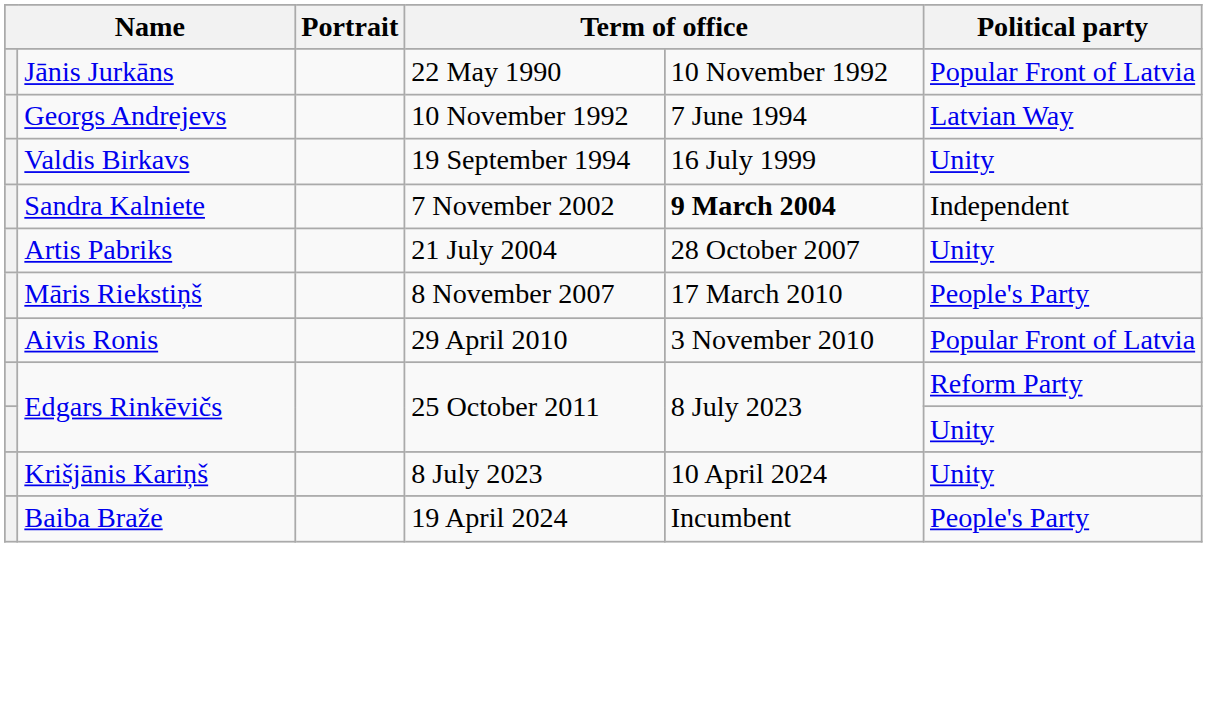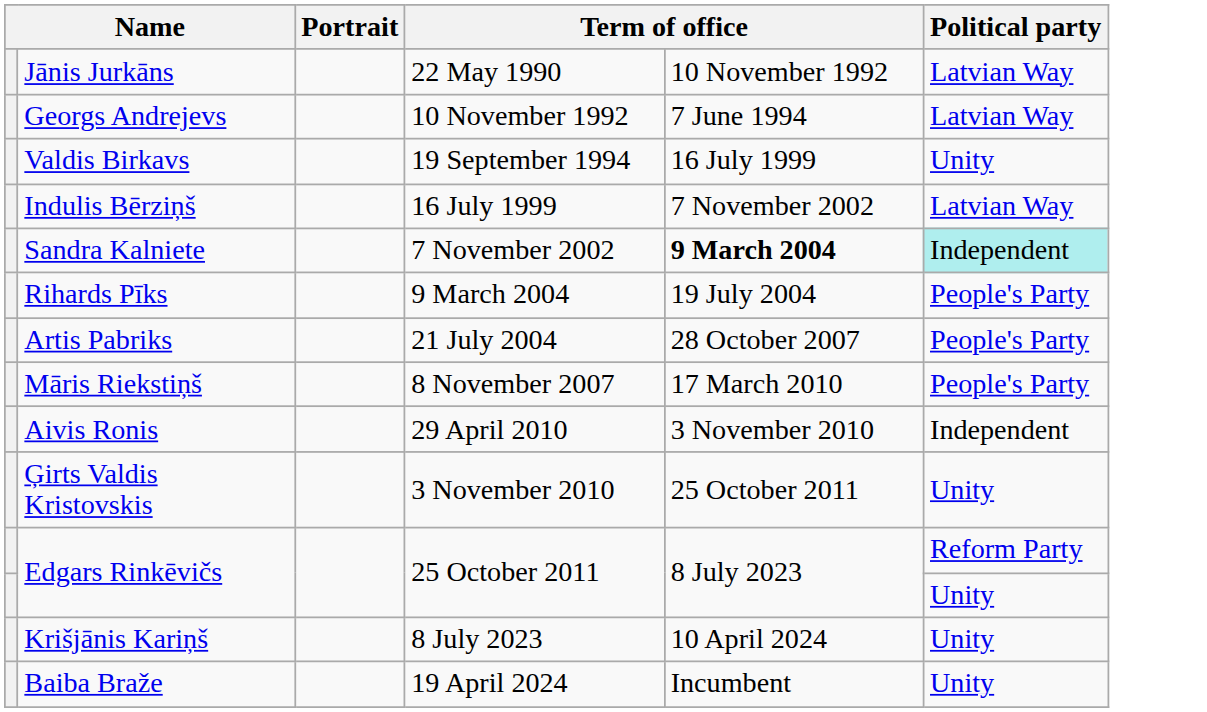 <table class="wikitable">
 <tr>
 <th colspan=2>Name</th>
 <th>Portrait</th>
 <th colspan=2>Term of office</th>
 <th>Political party</th>
 </tr>
 <tr>
 <th style="background-color: "></th>
 <td width=150><a href='#'>Jānis Jurkāns</a></td>
 <td></td>
 <td width=140>22 May 1990</td>
 <td width=140>10 November 1992</td>
-<td><a href='#'>Popular Front of Latvia</a><br></td>
+<td><a href='#'>Latvian Way</a><br></td>
 </tr>
 <tr>
 <th style="background-color: "></th>
 <td width=150><a href='#'>Georgs Andrejevs</a></td>
 <td></td>
 <td width=140>10 November 1992</td>
 <td width=140>7 June 1994</td>
 <td><a href='#'>Latvian Way</a><br></td>
 </tr>
 <tr>
 <th style="background-color: "></th>
 <td width=150><a href='#'>Valdis Birkavs</a></td>
 <td></td>
 <td width=140>19 September 1994</td>
 <td width=140>16 July 1999</td>
 <td><a href='#'>Unity</a></td>
 </tr>
 <tr>
 <th style="background-color: "></th>
+<td width=150><a href='#'>Indulis Bērziņš</a></td>
+<td></td>
+<td width=140>16 July 1999</td>
+<td width=140>7 November 2002</td>
+<td><a href='#'>Latvian Way</a><br></td>
+</tr>
+<tr>
+<th style="background-color: "></th>
 <td width=150><a href='#'>Sandra Kalniete</a></td>
 <td></td>
 <td width=140>7 November 2002</td>
 <td width=140><strong>9 March 2004</strong></td>
-<td>Independent<br></td>
+<td style="background: paleturquoise;">Independent<br></td>
+</tr>
+<tr>
+<th style="background-color: "></th>
+<td width=150><a href='#'>Rihards Pīks</a></td>
+<td></td>
+<td width=140>9 March 2004</td>
+<td width=140>19 July 2004</td>
+<td><a href='#'>People's Party</a><br></td>
 </tr>
 <tr>
 <th style="background-color: "></th>
 <td width=150><a href='#'>Artis Pabriks</a></td>
 <td></td>
 <td width=140>21 July 2004</td>
 <td width=140>28 October 2007</td>
-<td><a href='#'>Unity</a></td>
+<td><a href='#'>People's Party</a><br></td>
 </tr>
 <tr>
 <th style="background-color: "></th>
 <td width=150><a href='#'>Māris Riekstiņš</a></td>
 <td></td>
 <td width=140>8 November 2007</td>
 <td width=140>17 March 2010</td>
 <td><a href='#'>People's Party</a><br></td>
 </tr>
 <tr>
 <th style="background-color: "></th>
 <td width=150><a href='#'>Aivis Ronis</a></td>
 <td></td>
 <td width=140>29 April 2010</td>
 <td width=140>3 November 2010</td>
-<td><a href='#'>Popular Front of Latvia</a><br></td>
+<td>Independent<br></td>
+</tr>
+<tr>
+<th style="background-color: "></th>
+<td width=150><a href='#'>Ģirts Valdis Kristovskis</a></td>
+<td></td>
+<td width=140>3 November 2010</td>
+<td width=140>25 October 2011</td>
+<td><a href='#'>Unity</a></td>
 </tr>
 <tr>
 <th style="background-color: "></th>
 <td rowspan="2" width=150><a href='#'>Edgars Rinkēvičs</a></td>
 <td rowspan="2"></td>
 <td rowspan="2" width=140>25 October 2011</td>
 <td rowspan="2" width=140>8 July 2023</td>
 <td><a href='#'>Reform Party</a></td>
 </tr>
 <tr>
 <th style="background-color: "></th>
 <td><a href='#'>Unity</a></td>
 </tr>
 <tr>
 <th style="background-color: "></th>
 <td width=150><a href='#'>Krišjānis Kariņš</a></td>
 <td></td>
 <td width=140>8 July 2023</td>
 <td width=140>10 April 2024</td>
 <td><a href='#'>Unity</a></td>
 </tr>
 <tr>
 <th style="background-color: "></th>
 <td width=150><a href='#'>Baiba Braže</a></td>
 <td></td>
 <td width=140>19 April 2024</td>
 <td width=140>Incumbent</td>
-<td><a href='#'>People's Party</a><br></td>
+<td><a href='#'>Unity</a></td>
 </tr>
 </table>
